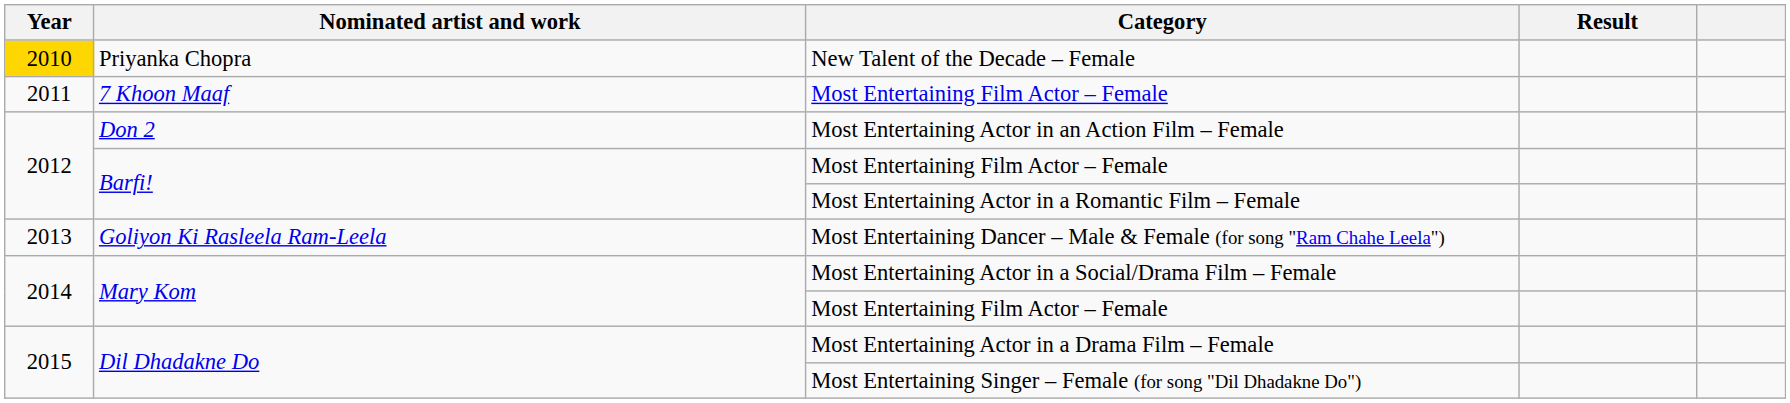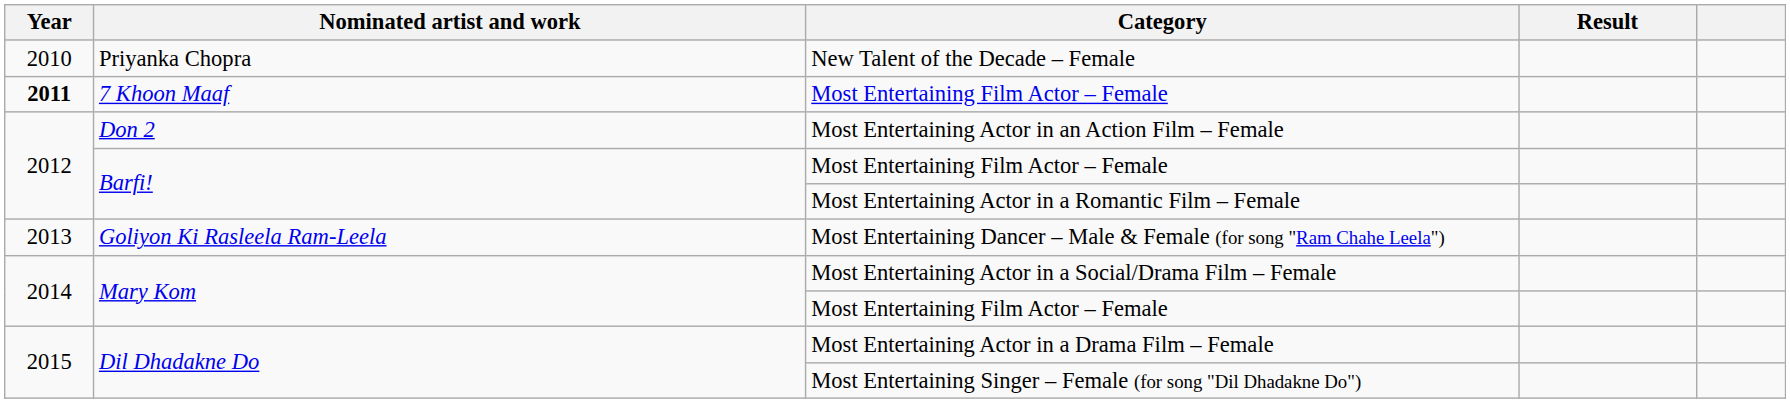 <table class="wikitable sortable" width=100%>
 <tr>
 <th width=5%>Year</th>
 <th width=40%>Nominated artist and work</th>
 <th width=40%>Category</th>
 <th width=10%>Result</th>
 <th width=5%></th>
 </tr>
 <tr>
-<td style="background: gold; text-align:center;">2010</td>
+<td style="text-align:center;">2010</td>
 <td style="text-align:left;">Priyanka Chopra</td>
 <td>New Talent of the Decade – Female</td>
 <td></td>
 <td style="text-align:center;"></td>
 </tr>
 <tr>
-<td style="text-align:center;">2011</td>
+<td style="text-align:center;"><strong>2011</strong></td>
 <td style="text-align:left;"><em><a href='#'>7 Khoon Maaf</a></em></td>
 <td><a href='#'>Most Entertaining Film Actor – Female</a></td>
 <td></td>
 <td style="text-align:center;"></td>
 </tr>
 <tr>
 <td rowspan="3" style="text-align:center;">2012</td>
 <td style="text-align:left;"><em><a href='#'>Don 2</a></em></td>
 <td>Most Entertaining Actor in an Action Film – Female</td>
 <td></td>
 <td style="text-align:center;"></td>
 </tr>
 <tr>
 <td rowspan="2" style="text-align:left;"><em><a href='#'>Barfi!</a></em></td>
 <td>Most Entertaining Film Actor – Female</td>
 <td></td>
 <td style="text-align:center;"></td>
 </tr>
 <tr>
 <td>Most Entertaining Actor in a Romantic Film – Female</td>
 <td></td>
 <td style="text-align:center;"></td>
 </tr>
 <tr>
 <td style="text-align:center;">2013</td>
 <td style="text-align:left;"><em><a href='#'>Goliyon Ki Rasleela Ram-Leela</a></em></td>
 <td>Most Entertaining Dancer – Male & Female <small>(for song "<a href='#'>Ram Chahe Leela</a>")</small></td>
 <td></td>
 <td style="text-align:center;"></td>
 </tr>
 <tr>
 <td rowspan="2" style="text-align:center;">2014</td>
 <td rowspan="2" style="text-align:left;"><em><a href='#'>Mary Kom</a></em></td>
 <td>Most Entertaining Actor in a Social/Drama Film – Female</td>
 <td></td>
 <td style="text-align:center;"></td>
 </tr>
 <tr>
 <td>Most Entertaining Film Actor – Female</td>
 <td></td>
 <td style="text-align:center;"></td>
 </tr>
 <tr>
 <td rowspan="2" style="text-align:center;">2015</td>
 <td rowspan="2" style="text-align:left;"><em><a href='#'>Dil Dhadakne Do</a></em></td>
 <td>Most Entertaining Actor in a Drama Film – Female</td>
 <td></td>
 <td style="text-align:center;"></td>
 </tr>
 <tr>
 <td>Most Entertaining Singer – Female <small>(for song "Dil Dhadakne Do")</small></td>
 <td></td>
 <td style="text-align:center;"></td>
 </tr>
 </table>
